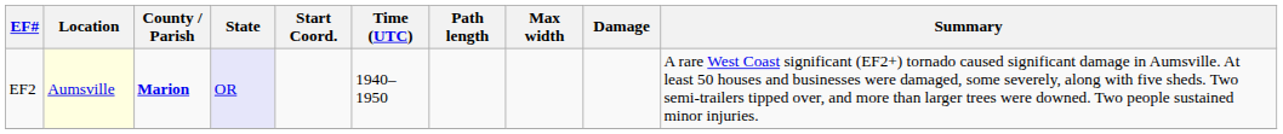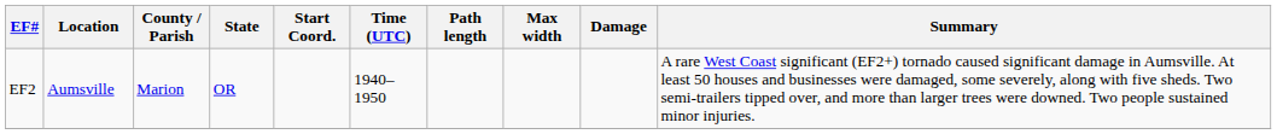 <table class="wikitable sortable" style="width:100%;">
 <tr>
 <th scope="col" width="3%" align="center"><a href='#'>EF#</a></th>
 <th scope="col" width="7%" align="center" class="unsortable">Location</th>
 <th scope="col" width="6%" align="center" class="unsortable">County / Parish</th>
 <th scope="col" width="5%" align="center">State</th>
 <th scope="col" width="6%" align="center">Start Coord.</th>
 <th scope="col" width="6%" align="center">Time (<a href='#'>UTC</a>)</th>
 <th scope="col" width="6%" align="center">Path length</th>
 <th scope="col" width="6%" align="center">Max width</th>
 <th scope="col" width="6%" align="center">Damage</th>
 <th scope="col" width="48%" class="unsortable" align="center">Summary</th>
 </tr>
 <tr>
 <td>EF2</td>
-<td style="background: lightyellow;"><a href='#'>Aumsville</a></td>
-<td><strong><a href='#'>Marion</a></strong></td>
-<td style="background: lavender;"><a href='#'>OR</a></td>
+<td><a href='#'>Aumsville</a></td>
+<td><a href='#'>Marion</a></td>
+<td><a href='#'>OR</a></td>
 <td></td>
 <td>1940–1950</td>
 <td></td>
 <td></td>
 <td></td>
 <td>A rare <a href='#'>West Coast</a> significant (EF2+) tornado caused significant damage in Aumsville. At least 50 houses and businesses were damaged, some severely, along with five sheds. Two semi-trailers tipped over, and more than larger trees were downed. Two people sustained minor injuries.</td>
 </tr>
 <tr>
 </tr>
 </table>
